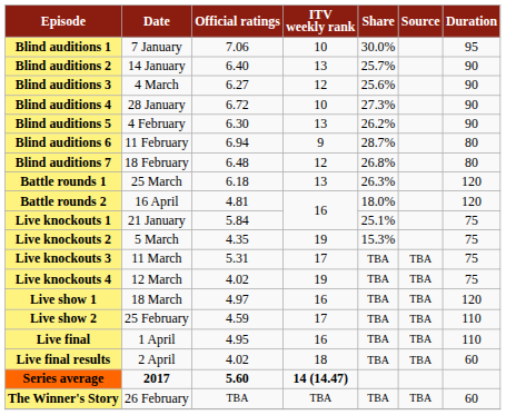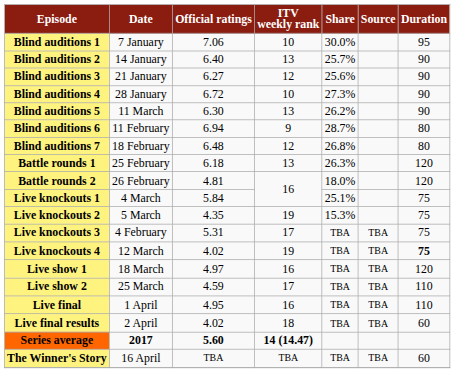 <table class="wikitable" style="text-align:center; background:#f9f9f9; line-height:16px;">
 <tr>
 <th style="background:#8b1c10; color:white;">Episode</th>
 <th style="background:#8b1c10; color:white;">Date</th>
 <th style="background:#8b1c10; color:white;">Official ratings<br><small></small></th>
 <th style="background:#8b1c10; color:white;">ITV<br>weekly rank</th>
 <th style="background:#8b1c10; color:white;">Share</th>
 <th style="background:#8b1c10; color:white;">Source</th>
 <th style="background:#8b1c10; color:white;">Duration</th>
 </tr>
 <tr>
 <td style="background:#FFF380"><strong>Blind auditions 1</strong></td>
 <td>7 January</td>
 <td>7.06</td>
 <td>10</td>
 <td>30.0%</td>
 <td></td>
 <td>95</td>
 </tr>
 <tr>
 <td style="background:#FFF380"><strong>Blind auditions 2</strong></td>
 <td>14 January</td>
 <td>6.40</td>
 <td>13</td>
 <td>25.7%</td>
 <td></td>
 <td>90</td>
 </tr>
 <tr>
 <td style="background:#FFF380"><strong>Blind auditions 3</strong></td>
-<td>4 March</td>
+<td>21 January</td>
 <td>6.27</td>
 <td>12</td>
 <td>25.6%</td>
 <td></td>
 <td>90</td>
 </tr>
 <tr>
 <td style="background:#FFF380"><strong>Blind auditions 4</strong></td>
 <td>28 January</td>
 <td>6.72</td>
 <td>10</td>
 <td>27.3%</td>
 <td></td>
 <td>90</td>
 </tr>
 <tr>
 <td style="background:#FFF380"><strong>Blind auditions 5</strong></td>
-<td>4 February</td>
+<td>11 March</td>
 <td>6.30</td>
 <td>13</td>
 <td>26.2%</td>
 <td></td>
 <td>90</td>
 </tr>
 <tr>
 <td style="background:#FFF380"><strong>Blind auditions 6</strong></td>
 <td>11 February</td>
 <td>6.94</td>
 <td>9</td>
 <td>28.7%</td>
 <td></td>
 <td>80</td>
 </tr>
 <tr>
 <td style="background:#FFF380"><strong>Blind auditions 7</strong></td>
 <td>18 February</td>
 <td>6.48</td>
 <td>12</td>
 <td>26.8%</td>
 <td></td>
 <td>80</td>
 </tr>
 <tr>
 <td style="background:#FFF380"><strong>Battle rounds 1</strong></td>
-<td>25 March</td>
+<td>25 February</td>
 <td>6.18</td>
 <td>13</td>
 <td>26.3%</td>
 <td></td>
 <td>120</td>
 </tr>
 <tr>
 <td style="background:#FFF380"><strong>Battle rounds 2</strong></td>
-<td>16 April</td>
+<td>26 February</td>
 <td>4.81</td>
 <td rowspan="2">16</td>
 <td>18.0%</td>
 <td></td>
 <td>120</td>
 </tr>
 <tr>
 <td style="background:#FFF380"><strong>Live knockouts 1</strong></td>
-<td>21 January</td>
+<td>4 March</td>
 <td>5.84</td>
 <td>25.1%</td>
 <td></td>
 <td>75</td>
 </tr>
 <tr>
 <td style="background:#FFF380"><strong>Live knockouts 2</strong></td>
 <td>5 March</td>
 <td>4.35</td>
 <td>19</td>
 <td>15.3%</td>
 <td></td>
 <td>75</td>
 </tr>
 <tr>
 <td style="background:#FFF380"><strong>Live knockouts 3</strong></td>
-<td>11 March</td>
+<td>4 February</td>
 <td>5.31</td>
 <td>17</td>
 <td><small>TBA</small></td>
 <td><small>TBA</small></td>
 <td>75</td>
 </tr>
 <tr>
 <td style="background:#FFF380"><strong>Live knockouts 4</strong></td>
 <td>12 March</td>
 <td>4.02</td>
 <td>19</td>
 <td><small>TBA</small></td>
 <td><small>TBA</small></td>
-<td>75</td>
+<td><strong>75</strong></td>
 </tr>
 <tr>
 <td style="background:#FFF380"><strong>Live show 1</strong></td>
 <td>18 March</td>
 <td>4.97</td>
 <td>16</td>
 <td><small>TBA</small></td>
 <td><small>TBA</small></td>
 <td>120</td>
 </tr>
 <tr>
 <td style="background:#FFF380"><strong>Live show 2</strong></td>
-<td>25 February</td>
+<td>25 March</td>
 <td>4.59</td>
 <td>17</td>
 <td><small>TBA</small></td>
 <td><small>TBA</small></td>
 <td>110</td>
 </tr>
 <tr>
 <td style="background:#FFF380"><strong>Live final</strong></td>
 <td>1 April</td>
 <td>4.95</td>
 <td>16</td>
 <td><small>TBA</small></td>
 <td><small>TBA</small></td>
 <td>110</td>
 </tr>
 <tr>
 <td style="background:#FFF380"><strong>Live final results</strong></td>
 <td>2 April</td>
 <td>4.02</td>
 <td>18</td>
 <td><small>TBA</small></td>
 <td><small>TBA</small></td>
 <td>60</td>
 </tr>
 <tr>
 <td style="background:#f60;"><strong>Series average</strong></td>
 <td><strong>2017</strong></td>
 <td><strong>5.60</strong></td>
 <td><strong>14 (14.47)</strong></td>
 <td></td>
 <td></td>
 <td></td>
 </tr>
 <tr>
 <td style="background:#FFF380"><strong>The Winner's Story</strong></td>
-<td>26 February</td>
+<td>16 April</td>
 <td><small>TBA</small></td>
 <td><small>TBA</small></td>
 <td><small>TBA</small></td>
 <td><small>TBA</small></td>
 <td>60</td>
 </tr>
 <tr>
 </tr>
 </table>
